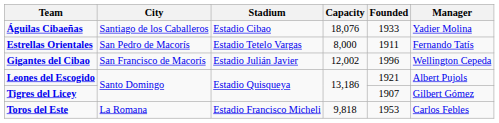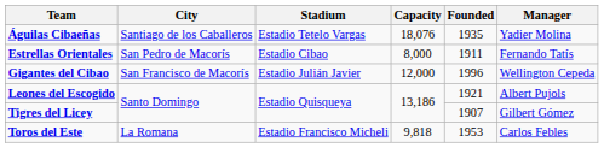 <table class="wikitable sortable" style="font-size:100%">
 <tr>
 <th>Team</th>
 <th>City</th>
 <th>Stadium</th>
 <th>Capacity</th>
 <th>Founded</th>
 <th>Manager</th>
 </tr>
 <tr>
 <td><strong><a href='#'>Águilas Cibaeñas</a></strong></td>
 <td><a href='#'>Santiago de los Caballeros</a></td>
-<td><a href='#'>Estadio Cibao</a></td>
+<td><a href='#'>Estadio Tetelo Vargas</a></td>
 <td align=center>18,076</td>
-<td align=center>1933</td>
+<td align=center>1935</td>
 <td><a href='#'>Yadier Molina</a></td>
 </tr>
 <tr>
 <td><strong><a href='#'>Estrellas Orientales</a></strong></td>
 <td><a href='#'>San Pedro de Macorís</a></td>
-<td><a href='#'>Estadio Tetelo Vargas</a></td>
+<td><a href='#'>Estadio Cibao</a></td>
 <td align=center>8,000</td>
 <td align=center>1911</td>
 <td><a href='#'>Fernando Tatís</a></td>
 </tr>
 <tr>
 <td><strong><a href='#'>Gigantes del Cibao</a></strong></td>
 <td><a href='#'>San Francisco de Macorís</a></td>
 <td><a href='#'>Estadio Julián Javier</a></td>
-<td align=center>12,002</td>
+<td align=center>12,000</td>
 <td align=center>1996</td>
 <td><a href='#'>Wellington Cepeda</a></td>
 </tr>
 <tr>
 <td><strong><a href='#'>Leones del Escogido</a></strong></td>
 <td rowspan="2"><a href='#'>Santo Domingo</a></td>
 <td rowspan="2"><a href='#'>Estadio Quisqueya</a></td>
 <td align=center rowspan=2>13,186</td>
 <td align=center>1921</td>
 <td><a href='#'>Albert Pujols</a></td>
 </tr>
 <tr>
 <td><strong><a href='#'>Tigres del Licey</a></strong></td>
 <td align=center>1907</td>
 <td><a href='#'>Gilbert Gómez</a></td>
 </tr>
 <tr>
 <td><strong><a href='#'>Toros del Este</a></strong></td>
 <td><a href='#'>La Romana</a></td>
 <td><a href='#'>Estadio Francisco Micheli</a></td>
 <td align=center>9,818</td>
 <td align=center>1953</td>
 <td><a href='#'>Carlos Febles</a></td>
 </tr>
 </table>
